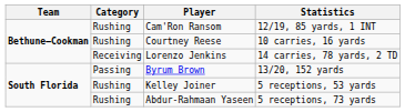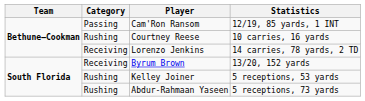 <table class="wikitable" style="float: right;">
 <tr>
 <th>Team</th>
 <th>Category</th>
 <th>Player</th>
 <th>Statistics</th>
 </tr>
 <tr>
 <td rowspan=3><strong>Bethune–Cookman</strong></td>
-<td>Rushing</td>
+<td>Passing</td>
 <td>Cam'Ron Ransom</td>
 <td>12/19, 85 yards, 1 INT</td>
 </tr>
 <tr>
 <td>Rushing</td>
 <td>Courtney Reese</td>
 <td>10 carries, 16 yards</td>
 </tr>
 <tr>
 <td>Receiving</td>
 <td>Lorenzo Jenkins</td>
 <td>14 carries, 78 yards, 2 TD</td>
 </tr>
 <tr>
 <td rowspan=3><strong>South Florida</strong></td>
-<td>Passing</td>
+<td>Receiving</td>
 <td><a href='#'>Byrum Brown</a></td>
 <td>13/20, 152 yards</td>
 </tr>
 <tr>
 <td>Rushing</td>
 <td>Kelley Joiner</td>
 <td>5 receptions, 53 yards</td>
 </tr>
 <tr>
 <td>Rushing</td>
 <td>Abdur-Rahmaan Yaseen</td>
 <td>5 receptions, 73 yards</td>
 </tr>
 </table>
